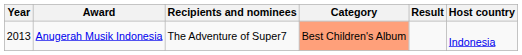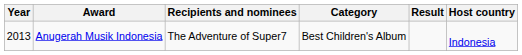 <table class="wikitable">
 <tr>
 <th>Year</th>
 <th>Award</th>
 <th>Recipients and nominees</th>
 <th>Category</th>
 <th>Result</th>
 <th>Host country</th>
 </tr>
 <tr>
 <td rowspan="11">2013</td>
 <td rowspan="2"><a href='#'>Anugerah Musik Indonesia</a></td>
 <td rowspan="2">The Adventure of Super7</td>
-<td rowspan="1" style="background: lightsalmon;">Best Children's Album</td>
+<td rowspan="1">Best Children's Album</td>
 <td></td>
 <td rowspan="2"> <br> <a href='#'>Indonesia</a></td>
 </tr>
 </table>
